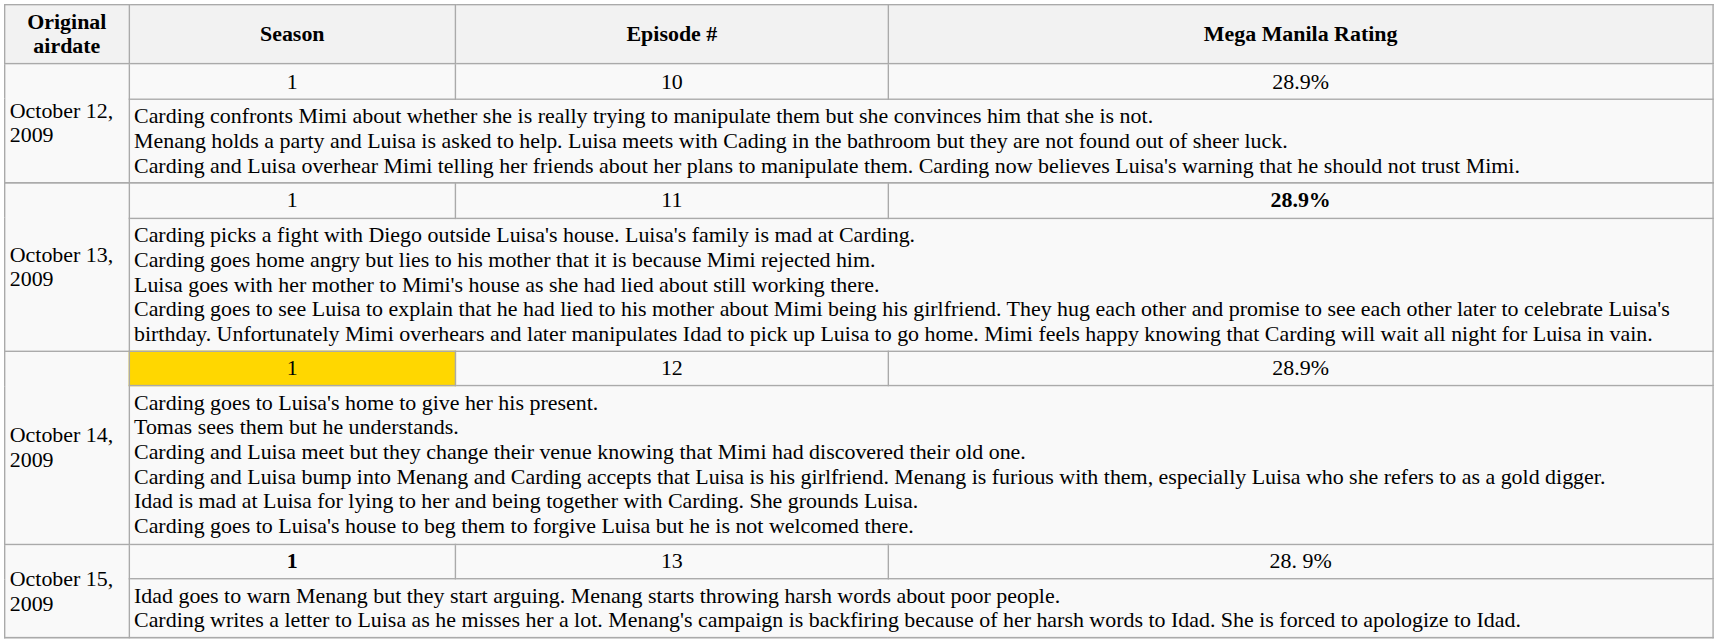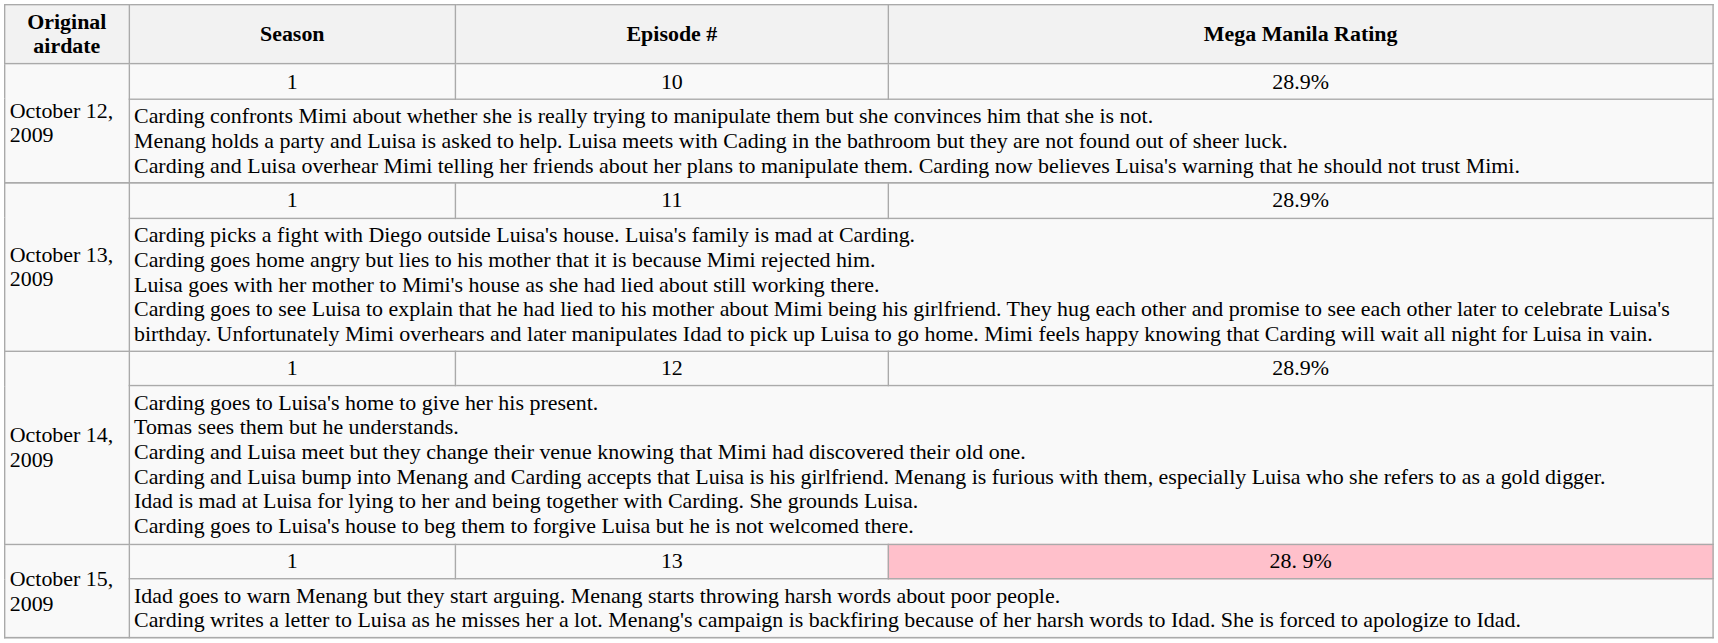 <table class="wikitable">
 <tr>
 <th>Original airdate</th>
 <th>Season</th>
 <th>Episode #</th>
 <th>Mega Manila Rating</th>
 </tr>
 <tr>
 <td rowspan="2">October 12, 2009</td>
 <td align="center">1</td>
 <td align="center">10</td>
 <td align="center">28.9%</td>
 </tr>
 <tr>
 <td colspan="5">Carding confronts Mimi about whether she is really trying to manipulate them but she convinces him that she is not.<br>Menang holds a party and Luisa is asked to help. Luisa meets with Cading in the bathroom but they are not found out of sheer luck.<br>Carding and Luisa overhear Mimi telling her friends about her plans to manipulate them. Carding now believes Luisa's warning that he should not trust Mimi.</td>
 </tr>
 <tr>
 </tr>
 <tr>
 <td rowspan="2">October 13, 2009</td>
 <td align="center">1</td>
 <td align="center">11</td>
-<td align="center"><strong>28.9%</strong></td>
+<td align="center">28.9%</td>
 </tr>
 <tr>
 <td colspan="5">Carding picks a fight with Diego outside Luisa's house. Luisa's family is mad at Carding.<br>Carding goes home angry but lies to his mother that it is because Mimi rejected him.<br>Luisa goes with her mother to Mimi's house as she had lied about still working there.<br>Carding goes to see Luisa to explain that he had lied to his mother about Mimi being his girlfriend. They hug each other and promise to see each other later to celebrate Luisa's birthday. Unfortunately Mimi overhears and later manipulates Idad to pick up Luisa to go home. Mimi feels happy knowing that Carding will wait all night for Luisa in vain.</td>
 </tr>
 <tr>
 <td rowspan="2">October 14, 2009</td>
-<td align="center" style="background: gold;">1</td>
+<td align="center">1</td>
 <td align="center">12</td>
 <td align="center">28.9%</td>
 </tr>
 <tr>
 <td colspan="5">Carding goes to Luisa's home to give her his present.<br>Tomas sees them but he understands.<br>Carding and Luisa meet but they change their venue knowing that Mimi had discovered their old one.<br>Carding and Luisa bump into Menang and Carding accepts that Luisa is his girlfriend. Menang is furious with them, especially Luisa who she refers to as a gold digger.<br>Idad is mad at Luisa for lying to her and being together with Carding. She grounds Luisa.<br>Carding goes to Luisa's house to beg them to forgive Luisa but he is not welcomed there.</td>
 </tr>
 <tr>
 <td rowspan="2">October 15, 2009</td>
-<td align="center"><strong>1</strong></td>
+<td align="center">1</td>
 <td align="center">13</td>
-<td align="center">28. 9%</td>
+<td align="center" style="background: pink;">28. 9%</td>
 </tr>
 <tr>
 <td colspan="5">Idad goes to warn Menang but they start arguing. Menang starts throwing harsh words about poor people.<br>Carding writes a letter to Luisa as he misses her a lot. Menang's campaign is backfiring because of her harsh words to Idad. She is forced to apologize to Idad.</td>
 </tr>
 <tr>
 </tr>
 </table>
